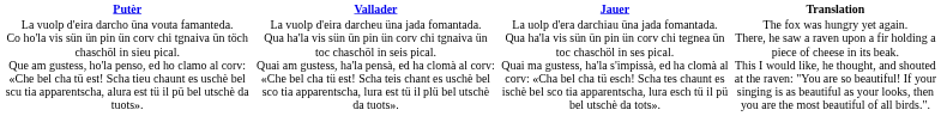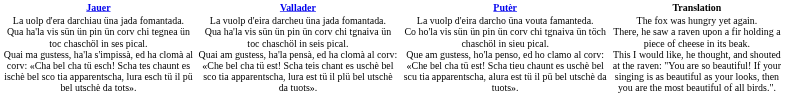 <table border="0" style="width:100%; font-family:serif; font-size:100%; text-align:center;">
 <tr>
+<th style="width:12.5%;"><strong><a href='#'>Jauer</a></strong></th>
+<th style="width:13%;"><strong><a href='#'>Vallader</a></strong><br></th>
 <th style="width:13.5%;"><strong><a href='#'>Putèr</a></strong><br></th>
-<th style="width:13%;"><strong><a href='#'>Vallader</a></strong><br></th>
-<th style="width:12.5%;"><strong><a href='#'>Jauer</a></strong></th>
 <th style="width:11%;">Translation</th>
 </tr>
 <tr>
+<td>La uolp d'era darchiau üna jada fomantada.<br>Qua ha'la vis sün ün pin ün corv chi tegnea ün toc chaschöl in ses pical.<br>Quai ma gustess, ha'la s'impissà, ed ha clomà al corv: «Cha bel cha tü esch! Scha tes chaunt es ischè bel sco tia apparentscha, lura esch tü il pü bel utschè da tots».</td>
+<td>La vuolp d'eira darcheu üna jada fomantada.<br>Qua ha'la vis sün ün pin ün corv chi tgnaiva ün toc chaschöl in seis pical.<br>Quai am gustess, ha'la pensà, ed ha clomà al corv: «Che bel cha tü est! Scha teis chant es uschè bel sco tia apparentscha, lura est tü il plü bel utschè da tuots».</td>
 <td>La vuolp d'eira darcho üna vouta famanteda.<br>Co ho'la vis sün ün pin ün corv chi tgnaiva ün töch chaschöl in sieu pical.<br>Que am gustess, ho'la penso, ed ho clamo al corv: «Che bel cha tü est! Scha tieu chaunt es uschè bel scu tia apparentscha, alura est tü il pü bel utschè da tuots».</td>
-<td>La vuolp d'eira darcheu üna jada fomantada.<br>Qua ha'la vis sün ün pin ün corv chi tgnaiva ün toc chaschöl in seis pical.<br>Quai am gustess, ha'la pensà, ed ha clomà al corv: «Che bel cha tü est! Scha teis chant es uschè bel sco tia apparentscha, lura est tü il plü bel utschè da tuots».</td>
-<td>La uolp d'era darchiau üna jada fomantada.<br>Qua ha'la vis sün ün pin ün corv chi tegnea ün toc chaschöl in ses pical.<br>Quai ma gustess, ha'la s'impissà, ed ha clomà al corv: «Cha bel cha tü esch! Scha tes chaunt es ischè bel sco tia apparentscha, lura esch tü il pü bel utschè da tots».</td>
 <td>The fox was hungry yet again.<br>There, he saw a raven upon a fir holding a piece of cheese in its beak.<br>This I would like, he thought, and shouted at the raven: "You are so beautiful! If your singing is as beautiful as your looks, then you are the most beautiful of all birds.".</td>
 </tr>
 </table>
